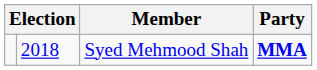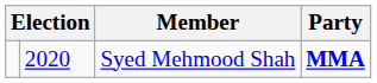 <table class="wikitable">
 <tr>
 <th colspan="2">Election</th>
 <th>Member</th>
 <th>Party</th>
 </tr>
 <tr>
 <td style="background-color: "></td>
-<td><a href='#'>2018</a></td>
+<td><a href='#'>2020</a></td>
 <td><a href='#'>Syed Mehmood Shah</a></td>
 <td><strong><a href='#'>MMA</a></strong></td>
 </tr>
 </table>
